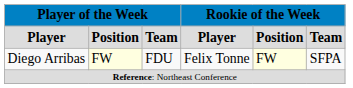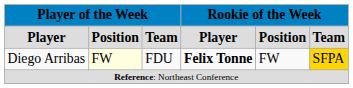 <table class="wikitable">
 <tr>
 <th colspan="3" style="background:#0081C4;"><span>Player of the Week</span></th>
 <th colspan="3" style="background:#0081C4;"><span>Rookie of the Week</span></th>
 </tr>
 <tr>
 <th style="background:#ddd;">Player</th>
 <th style="background:#ddd;">Position</th>
 <th style="background:#ddd;">Team</th>
 <th style="background:#ddd;">Player</th>
 <th style="background:#ddd;">Position</th>
 <th style="background:#ddd;">Team</th>
 </tr>
 <tr>
 <td>Diego Arribas</td>
 <td style="background: lightyellow;">FW</td>
 <td !>FDU</td>
-<td>Felix Tonne</td>
-<td style="background: lightyellow;">FW</td>
-<td !>SFPA</td>
+<td><strong>Felix Tonne</strong></td>
+<td>FW</td>
+<td ! style="background: gold;">SFPA</td>
 </tr>
 <tr>
 <td colspan="12"  style="font-size:8pt; text-align:center; background:#ddd;"><strong>Reference</strong>: Northeast Conference</td>
 </tr>
 </table>
